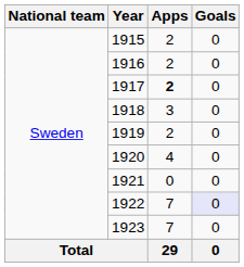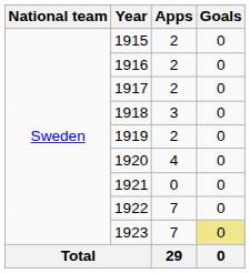 <table class="wikitable" style="text-align:center">
 <tr>
 <th>National team</th>
 <th>Year</th>
 <th>Apps</th>
 <th>Goals</th>
 </tr>
 <tr>
 <td rowspan="9"><a href='#'>Sweden</a></td>
 <td>1915</td>
 <td>2</td>
 <td>0</td>
 </tr>
 <tr>
 <td>1916</td>
 <td>2</td>
 <td>0</td>
 </tr>
 <tr>
 <td>1917</td>
-<td><strong>2</strong></td>
+<td>2</td>
 <td>0</td>
 </tr>
 <tr>
 <td>1918</td>
 <td>3</td>
 <td>0</td>
 </tr>
 <tr>
 <td>1919</td>
 <td>2</td>
 <td>0</td>
 </tr>
 <tr>
 <td>1920</td>
 <td>4</td>
 <td>0</td>
 </tr>
 <tr>
 <td>1921</td>
 <td>0</td>
 <td>0</td>
 </tr>
 <tr>
 <td>1922</td>
 <td>7</td>
-<td style="background: lavender;">0</td>
+<td>0</td>
 </tr>
 <tr>
 <td>1923</td>
 <td>7</td>
-<td>0</td>
+<td style="background: khaki;">0</td>
 </tr>
 <tr>
 <th colspan="2">Total</th>
 <th>29</th>
 <th>0</th>
 </tr>
 </table>
